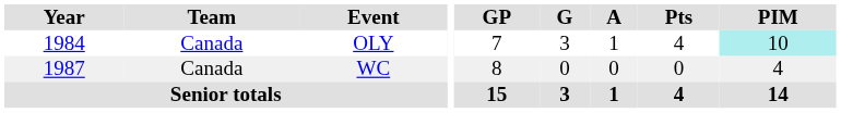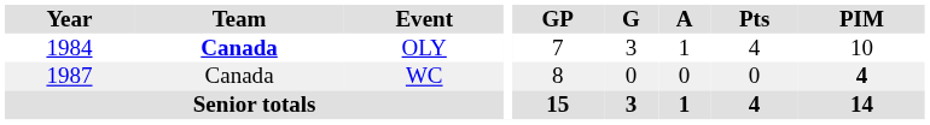 <table border="0" cellpadding="1" cellspacing="0" ID="Table3" style="text-align:center; width:40em">
 <tr bgcolor="#e0e0e0">
 <th>Year</th>
 <th>Team</th>
 <th>Event</th>
 <th rowspan="102" bgcolor="#ffffff"></th>
 <th>GP</th>
 <th>G</th>
 <th>A</th>
 <th>Pts</th>
 <th>PIM</th>
 </tr>
 <tr>
 <td><a href='#'>1984</a></td>
-<td><a href='#'>Canada</a></td>
+<td><strong><a href='#'>Canada</a></strong></td>
 <td><a href='#'>OLY</a></td>
 <td>7</td>
 <td>3</td>
 <td>1</td>
 <td>4</td>
-<td style="background: paleturquoise;">10</td>
+<td>10</td>
 </tr>
 <tr bgcolor="#f0f0f0">
 <td><a href='#'>1987</a></td>
 <td>Canada</td>
 <td><a href='#'>WC</a></td>
 <td>8</td>
 <td>0</td>
 <td>0</td>
 <td>0</td>
-<td>4</td>
+<td><strong>4</strong></td>
 </tr>
 <tr bgcolor="#e0e0e0">
 <th colspan="3">Senior totals</th>
 <th>15</th>
 <th>3</th>
 <th>1</th>
 <th>4</th>
 <th>14</th>
 </tr>
 </table>
